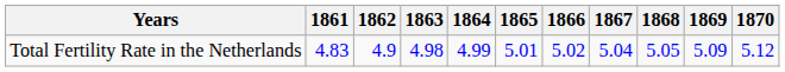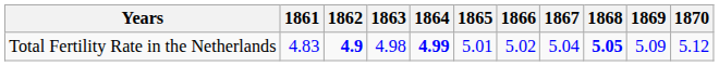 <table class="wikitable " style="text-align:right">
 <tr>
 <th>Years</th>
 <th>1861</th>
 <th>1862</th>
 <th>1863</th>
 <th>1864</th>
 <th>1865</th>
 <th>1866</th>
 <th>1867</th>
 <th>1868</th>
 <th>1869</th>
 <th>1870</th>
 </tr>
 <tr>
 <td align="left">Total Fertility Rate in the Netherlands</td>
 <td style="text-align:right; color:blue;">4.83</td>
-<td style="text-align:right; color:blue;">4.9</td>
+<td style="text-align:right; color:blue;"><strong>4.9</strong></td>
 <td style="text-align:right; color:blue;">4.98</td>
-<td style="text-align:right; color:blue;">4.99</td>
+<td style="text-align:right; color:blue;"><strong>4.99</strong></td>
 <td style="text-align:right; color:blue;">5.01</td>
 <td style="text-align:right; color:blue;">5.02</td>
 <td style="text-align:right; color:blue;">5.04</td>
-<td style="text-align:right; color:blue;">5.05</td>
+<td style="text-align:right; color:blue;"><strong>5.05</strong></td>
 <td style="text-align:right; color:blue;">5.09</td>
 <td style="text-align:right; color:blue;">5.12</td>
 </tr>
 </table>
